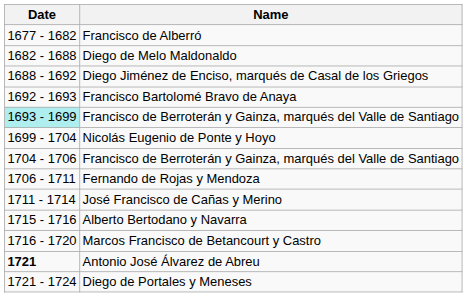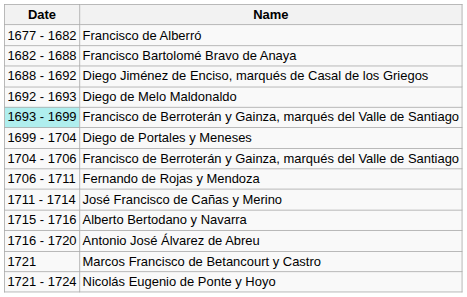 <table class=wikitable>
 <tr>
 <th>Date</th>
 <th>Name</th>
 </tr>
 <tr>
 <td>1677 - 1682</td>
 <td>Francisco de Alberró</td>
 </tr>
 <tr>
 <td>1682 - 1688</td>
-<td>Diego de Melo Maldonaldo</td>
+<td>Francisco Bartolomé Bravo de Anaya</td>
 </tr>
 <tr>
 <td>1688 - 1692</td>
 <td>Diego Jiménez de Enciso, marqués de Casal de los Griegos</td>
 </tr>
 <tr>
 <td>1692 - 1693</td>
-<td>Francisco Bartolomé Bravo de Anaya</td>
+<td>Diego de Melo Maldonaldo</td>
 </tr>
 <tr>
 <td style="background: paleturquoise;">1693 - 1699</td>
 <td>Francisco de Berroterán y Gainza, marqués del Valle de Santiago</td>
 </tr>
 <tr>
 <td>1699 - 1704</td>
-<td>Nicolás Eugenio de Ponte y Hoyo</td>
+<td>Diego de Portales y Meneses</td>
 </tr>
 <tr>
 <td>1704 - 1706</td>
 <td>Francisco de Berroterán y Gainza, marqués del Valle de Santiago</td>
 </tr>
 <tr>
 <td>1706 - 1711</td>
 <td>Fernando de Rojas y Mendoza</td>
 </tr>
 <tr>
 <td>1711 - 1714</td>
 <td>José Francisco de Cañas y Merino</td>
 </tr>
 <tr>
 <td>1715 - 1716</td>
 <td>Alberto Bertodano y Navarra</td>
 </tr>
 <tr>
 <td>1716 - 1720</td>
+<td>Antonio José Álvarez de Abreu</td>
+</tr>
+<tr>
+<td>1721</td>
 <td>Marcos Francisco de Betancourt y Castro</td>
 </tr>
 <tr>
-<td><strong>1721</strong></td>
-<td>Antonio José Álvarez de Abreu</td>
-</tr>
-<tr>
 <td>1721 - 1724</td>
-<td>Diego de Portales y Meneses</td>
+<td>Nicolás Eugenio de Ponte y Hoyo</td>
 </tr>
 </table>
